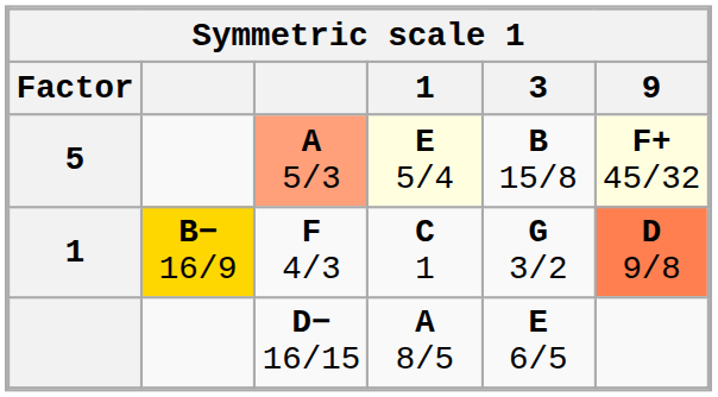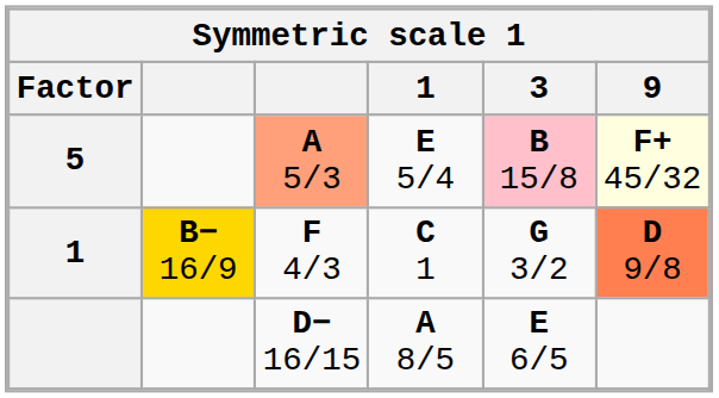 <table class="wikitable" style="text-align: center; display: inline-block;">
 <tr>
 <th colspan=7>Symmetric scale 1</th>
 </tr>
 <tr>
 <th>Factor</th>
 <th style="width: 3em"></th>
 <th style="width: 3em"></th>
 <th style="width: 3em">1</th>
 <th style="width: 3em">3</th>
 <th style="width: 3em">9</th>
 </tr>
 <tr>
 <th>5</th>
 <td></td>
 <td style="background: lightsalmon;"><strong>A</strong> <br> 5/3</td>
-<td style="background: lightyellow;"><strong>E</strong> <br> 5/4</td>
-<td><strong>B</strong> <br> 15/8</td>
+<td><strong>E</strong> <br> 5/4</td>
+<td style="background: pink;"><strong>B</strong> <br> 15/8</td>
 <td style="background-color: #ffffe0"><strong>F+</strong> <br> 45/32</td>
 </tr>
 <tr>
 <th>1</th>
 <td style="background-color: #FFD700"><strong>B−</strong> <br> 16/9</td>
 <td><strong>F</strong> <br> 4/3</td>
 <td><strong>C</strong> <br> 1</td>
 <td><strong>G</strong> <br> 3/2</td>
 <td style="background-color: #FF7F50"><strong>D</strong> <br> 9/8</td>
 </tr>
 <tr>
 <th></th>
 <td></td>
 <td><strong>D−</strong> <br> 16/15</td>
 <td><strong>A</strong> <br> 8/5</td>
 <td><strong>E</strong> <br> 6/5</td>
 <td></td>
 </tr>
 </table>
